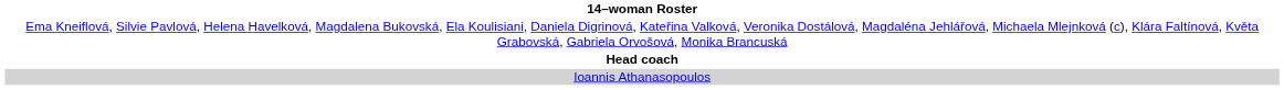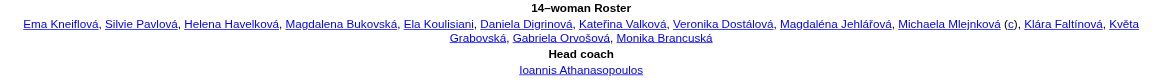 <table style="text-align:center; margin-top:2em; margin-left:auto; margin-right:auto">
 <tr>
 <td><strong>14–woman Roster</strong></td>
 </tr>
 <tr>
 <td><a href='#'>Ema Kneiflová</a>, <a href='#'>Silvie Pavlová</a>, <a href='#'>Helena Havelková</a>, <a href='#'>Magdalena Bukovská</a>, <a href='#'>Ela Koulisiani</a>, <a href='#'>Daniela Digrinová</a>, <a href='#'>Kateřina Valková</a>, <a href='#'>Veronika Dostálová</a>, <a href='#'>Magdaléna Jehlářová</a>, <a href='#'>Michaela Mlejnková</a> (<a href='#'>c</a>), <a href='#'>Klára Faltínová</a>, <a href='#'>Květa Grabovská</a>, <a href='#'>Gabriela Orvošová</a>, <a href='#'>Monika Brancuská</a></td>
 </tr>
 <tr>
 <td><strong>Head coach</strong></td>
 </tr>
 <tr>
-<td style="background: lightgrey;"> <a href='#'>Ioannis Athanasopoulos</a></td>
+<td> <a href='#'>Ioannis Athanasopoulos</a></td>
 </tr>
 </table>
